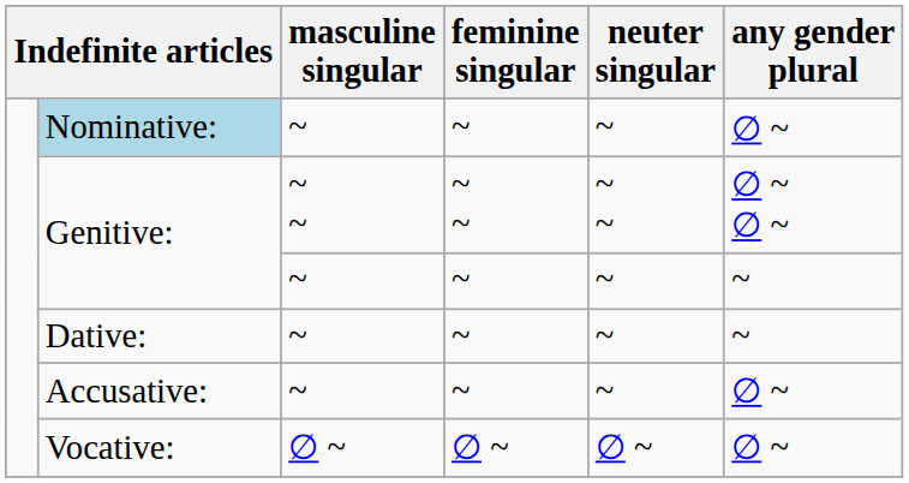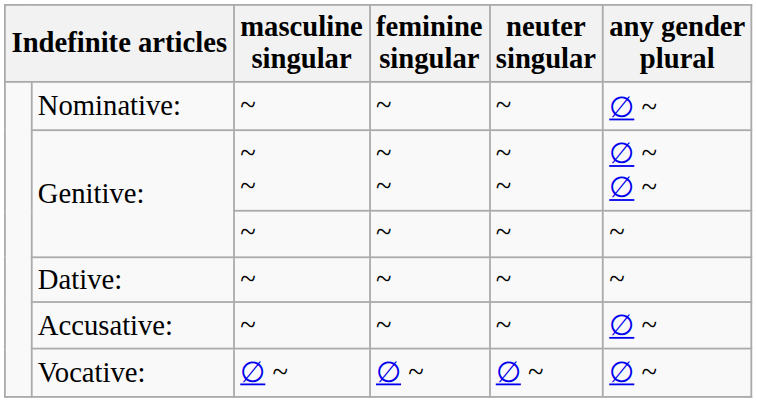 <table class="wikitable">
 <tr>
 <th colspan="2"><strong>Indefinite articles</strong></th>
 <th>masculine<br>singular</th>
 <th>feminine<br>singular</th>
 <th>neuter<br>singular</th>
 <th>any gender<br>plural</th>
 </tr>
 <tr>
 <td rowspan="6" style="width:5en"> </td>
-<td style="background: lightblue;">Nominative:</td>
+<td>Nominative:</td>
 <td><em></em> ~</td>
 <td><em></em> ~</td>
 <td><em></em> ~</td>
 <td><a href='#'>∅</a> ~</td>
 </tr>
 <tr>
 <td rowspan="2">Genitive:</td>
 <td><em></em> ~ <em></em> <br> <em></em> ~ <em></em></td>
 <td><em></em> ~ <em></em> <br> <em></em> ~ <em></em></td>
 <td><em></em> ~ <em></em> <br> <em></em> ~ <em></em></td>
 <td><a href='#'>∅</a> ~ <em></em> <br> <a href='#'>∅</a> ~ <em></em></td>
 </tr>
 <tr>
 <td><em></em> ~</td>
 <td><em></em> ~</td>
 <td><em></em> ~</td>
 <td><em></em> ~</td>
 </tr>
 <tr>
 <td>Dative:</td>
 <td><em></em> ~</td>
 <td><em></em> ~</td>
 <td><em></em> ~</td>
 <td><em></em> ~</td>
 </tr>
 <tr>
 <td>Accusative:</td>
 <td><em></em> ~</td>
 <td><em></em> ~</td>
 <td><em></em> ~</td>
 <td><a href='#'>∅</a> ~</td>
 </tr>
 <tr>
 <td>Vocative:</td>
 <td><a href='#'>∅</a> ~</td>
 <td><a href='#'>∅</a> ~</td>
 <td><a href='#'>∅</a> ~</td>
 <td><a href='#'>∅</a> ~</td>
 </tr>
 </table>
